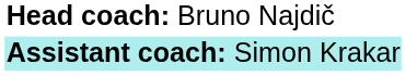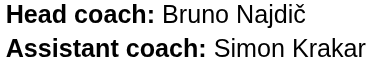 <table>
 <tr>
 <td><strong>Head coach:</strong> Bruno Najdič</td>
 </tr>
 <tr>
-<td style="background: paleturquoise;"><strong>Assistant coach:</strong> Simon Krakar</td>
+<td><strong>Assistant coach:</strong> Simon Krakar</td>
 </tr>
 <tr>
 </tr>
 </table>
